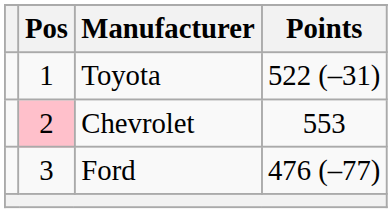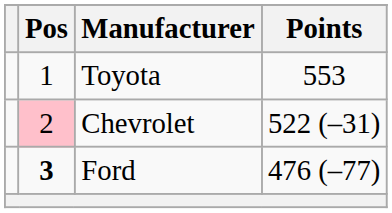 <table class="wikitable" style="font-size:95%">
 <tr>
 </tr>
 <tr>
 <th></th>
 <th>Pos</th>
 <th>Manufacturer</th>
 <th>Points</th>
 </tr>
 <tr>
 <td align="left"></td>
 <td style="text-align:center;">1</td>
 <td>Toyota</td>
-<td style="text-align:center;">522 (–31)</td>
+<td style="text-align:center;">553</td>
 </tr>
 <tr>
 <td align="left"></td>
 <td style="background: pink; text-align:center;">2</td>
 <td>Chevrolet</td>
-<td style="text-align:center;">553</td>
+<td style="text-align:center;">522 (–31)</td>
 </tr>
 <tr>
 <td align="left"></td>
-<td style="text-align:center;">3</td>
+<td style="text-align:center;"><strong>3</strong></td>
 <td>Ford</td>
 <td style="text-align:center;">476 (–77)</td>
 </tr>
 <tr class="sortbottom">
 <th colspan="9"></th>
 </tr>
 </table>
